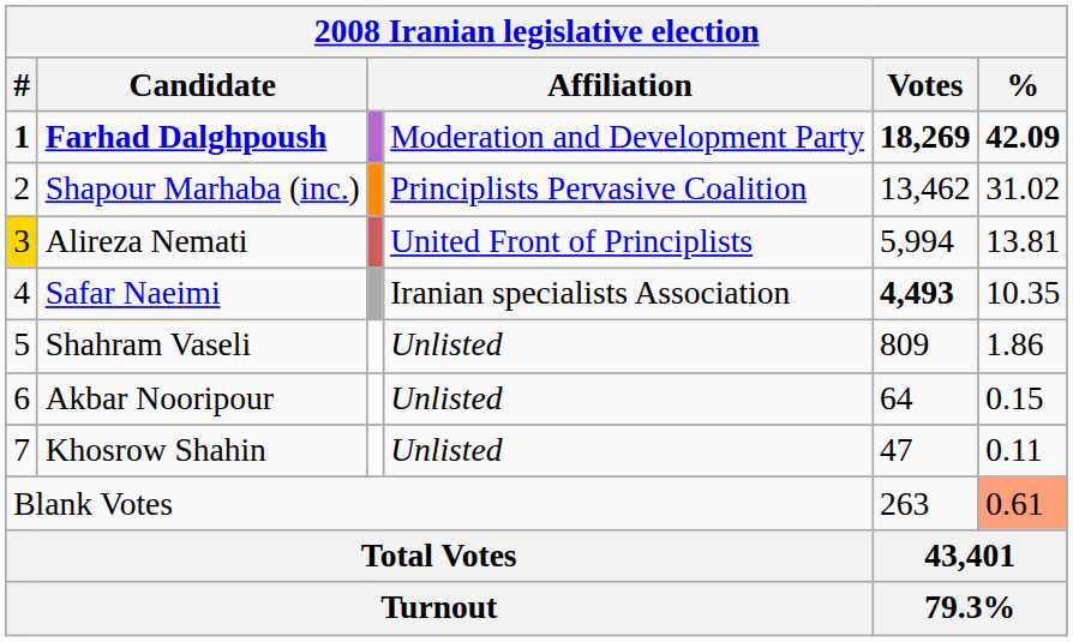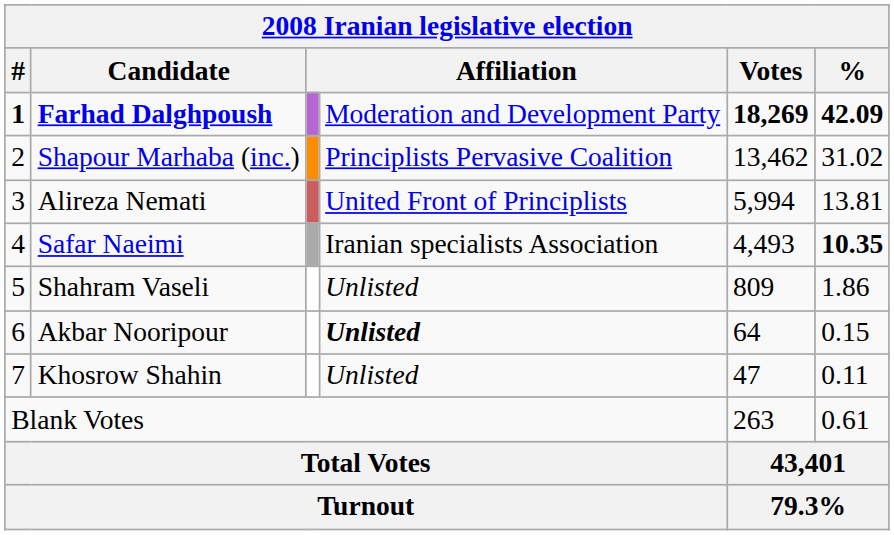 <table class="wikitable">
 <tr>
 <th colspan="6"><a href='#'>2008 Iranian legislative election</a></th>
 </tr>
 <tr>
 <th>#</th>
 <th>Candidate</th>
 <th colspan="2">Affiliation</th>
 <th>Votes</th>
 <th>%</th>
 </tr>
 <tr>
 <td><strong>1</strong></td>
 <td><strong><a href='#'>Farhad Dalghpoush</a></strong></td>
 <td style="background:#B666D2"></td>
 <td><a href='#'>Moderation and Development Party</a></td>
 <td><strong>18,269</strong></td>
 <td><strong>42.09</strong></td>
 </tr>
 <tr>
 <td>2</td>
 <td><a href='#'>Shapour Marhaba</a> (<a href='#'>inc.</a>)</td>
 <td style="background:#FF8C00"></td>
 <td><a href='#'>Principlists Pervasive Coalition</a></td>
 <td>13,462</td>
 <td>31.02</td>
 </tr>
 <tr>
-<td style="background: gold;">3</td>
+<td>3</td>
 <td>Alireza Nemati</td>
 <td style="background:#CD5C5C"></td>
 <td><a href='#'>United Front of Principlists</a></td>
 <td>5,994</td>
 <td>13.81</td>
 </tr>
 <tr>
 <td>4</td>
 <td><a href='#'>Safar Naeimi</a></td>
 <td style="background:#AAAAAA"></td>
 <td>Iranian specialists Association</td>
-<td><strong>4,493</strong></td>
-<td>10.35</td>
+<td>4,493</td>
+<td><strong>10.35</strong></td>
 </tr>
 <tr>
 <td>5</td>
 <td>Shahram Vaseli</td>
 <td style="background:#FFFFFF"></td>
 <td><em>Unlisted</em></td>
 <td>809</td>
 <td>1.86</td>
 </tr>
 <tr>
 <td>6</td>
 <td>Akbar Nooripour</td>
 <td style="background:#FFFFFF"></td>
-<td><em>Unlisted</em></td>
+<td><strong><em>Unlisted</em></strong></td>
 <td>64</td>
 <td>0.15</td>
 </tr>
 <tr>
 <td>7</td>
 <td>Khosrow Shahin</td>
 <td style="background:#FFFFFF"></td>
 <td><em>Unlisted</em></td>
 <td>47</td>
 <td>0.11</td>
 </tr>
 <tr>
 <td colspan="4">Blank Votes</td>
 <td>263</td>
-<td style="background: lightsalmon;">0.61</td>
+<td>0.61</td>
 </tr>
 <tr>
 <th colspan="4">Total Votes</th>
 <th colspan="2">43,401</th>
 </tr>
 <tr>
 <th colspan="4">Turnout</th>
 <th colspan="2"> 79.3%</th>
 </tr>
 </table>
